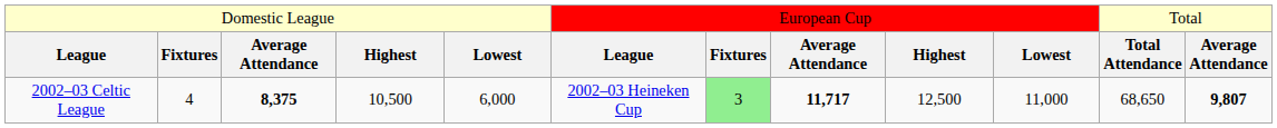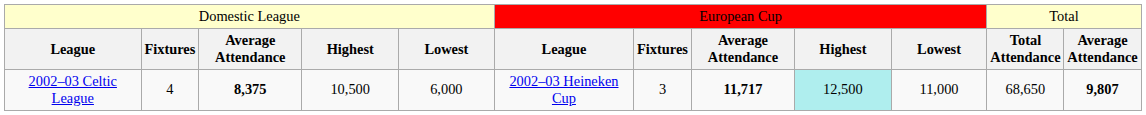 <table class="wikitable sortable" style="font-size:90%; width:90%;">
 <tr>
 <td colspan="5" class="wikitable sortable" style="width:45%; background:#ffffcc; text-align:center;"><span>Domestic League</span></td>
 <td colspan="5" class="wikitable sortable" style="width:45%; background:#f00; text-align:center;"><span>European Cup</span></td>
 <td colspan="2" class="wikitable sortable" style="width:45%; background:#ffffcc; text-align:center;"><span>Total</span></td>
 </tr>
 <tr>
 <th style="width:15%;">League</th>
 <th style="width:5%;">Fixtures</th>
 <th style="width:10%;">Average Attendance</th>
 <th style="width:10%;">Highest</th>
 <th style="width:10%;">Lowest</th>
 <th style="width:15%;">League</th>
 <th style="width:5%;">Fixtures</th>
 <th style="width:10%;">Average Attendance</th>
 <th style="width:10%;">Highest</th>
 <th style="width:10%;">Lowest</th>
 <th style="width:10%;">Total Attendance</th>
 <th style="width:10%;">Average Attendance</th>
 </tr>
 <tr>
 <td align=center><a href='#'>2002–03 Celtic League</a></td>
 <td align=center>4</td>
 <td align=center><strong>8,375</strong></td>
 <td align=center>10,500</td>
 <td align=center>6,000</td>
 <td align=center><a href='#'>2002–03 Heineken Cup</a></td>
-<td align=center style="background: lightgreen;">3</td>
+<td align=center>3</td>
 <td align=center><strong>11,717</strong></td>
-<td align=center>12,500</td>
+<td align=center style="background: paleturquoise;">12,500</td>
 <td align=center>11,000</td>
 <td align=center>68,650</td>
 <td align=center><strong>9,807</strong></td>
 </tr>
 <tr>
 </tr>
 </table>
